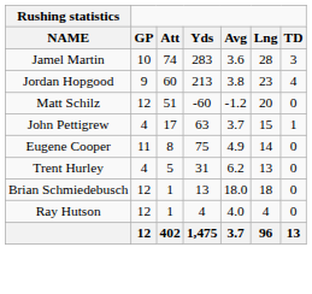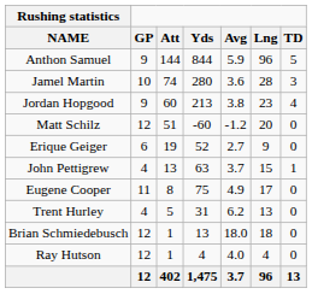 <table class="wikitable sortable" style="text-align:center;">
 <tr>
 <th style="text-align:center; ">Rushing statistics</th>
 </tr>
 <tr>
 <th>NAME</th>
 <th>GP</th>
 <th>Att</th>
 <th>Yds</th>
 <th>Avg</th>
 <th>Lng</th>
 <th>TD</th>
 </tr>
 <tr>
+<td>Anthon Samuel</td>
+<td>9</td>
+<td>144</td>
+<td>844</td>
+<td>5.9</td>
+<td>96</td>
+<td>5</td>
+</tr>
+<tr>
 <td>Jamel Martin</td>
 <td>10</td>
 <td>74</td>
-<td>283</td>
+<td>280</td>
 <td>3.6</td>
 <td>28</td>
 <td>3</td>
 </tr>
 <tr>
 <td>Jordan Hopgood</td>
 <td>9</td>
 <td>60</td>
 <td>213</td>
 <td>3.8</td>
 <td>23</td>
 <td>4</td>
 </tr>
 <tr>
 <td>Matt Schilz</td>
 <td>12</td>
 <td>51</td>
 <td>-60</td>
 <td>-1.2</td>
 <td>20</td>
 <td>0</td>
 </tr>
 <tr>
+<td>Erique Geiger</td>
+<td>6</td>
+<td>19</td>
+<td>52</td>
+<td>2.7</td>
+<td>9</td>
+<td>0</td>
+</tr>
+<tr>
 <td>John Pettigrew</td>
 <td>4</td>
-<td>17</td>
+<td>13</td>
 <td>63</td>
 <td>3.7</td>
 <td>15</td>
 <td>1</td>
 </tr>
 <tr>
 <td>Eugene Cooper</td>
 <td>11</td>
 <td>8</td>
 <td>75</td>
 <td>4.9</td>
-<td>14</td>
+<td>17</td>
 <td>0</td>
 </tr>
 <tr>
 <td>Trent Hurley</td>
 <td>4</td>
 <td>5</td>
 <td>31</td>
 <td>6.2</td>
 <td>13</td>
 <td>0</td>
 </tr>
 <tr>
 <td>Brian Schmiedebusch</td>
 <td>12</td>
 <td>1</td>
 <td>13</td>
 <td>18.0</td>
 <td>18</td>
 <td>0</td>
 </tr>
 <tr>
 <td>Ray Hutson</td>
 <td>12</td>
 <td>1</td>
 <td>4</td>
 <td>4.0</td>
 <td>4</td>
 <td>0</td>
 </tr>
 <tr>
 <th colspan="1"></th>
 <th>12</th>
 <th>402</th>
 <th>1,475</th>
 <th>3.7</th>
 <th>96</th>
 <th>13</th>
 </tr>
 </table>
